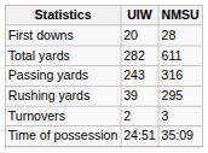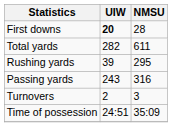 <table class="wikitable">
 <tr>
 <th>Statistics</th>
 <th>UIW</th>
 <th>NMSU</th>
 </tr>
 <tr>
 <td>First downs</td>
-<td>20</td>
+<td><strong>20</strong></td>
 <td>28</td>
 </tr>
 <tr>
 <td>Total yards</td>
 <td>282</td>
 <td>611</td>
 </tr>
 <tr>
+<td>Rushing yards</td>
+<td>39</td>
+<td>295</td>
+</tr>
+<tr>
 <td>Passing yards</td>
 <td>243</td>
 <td>316</td>
-</tr>
-<tr>
-<td>Rushing yards</td>
-<td>39</td>
-<td>295</td>
 </tr>
 <tr>
 <td>Turnovers</td>
 <td>2</td>
 <td>3</td>
 </tr>
 <tr>
 <td>Time of possession</td>
 <td>24:51</td>
 <td>35:09</td>
 </tr>
 <tr>
 </tr>
 </table>
